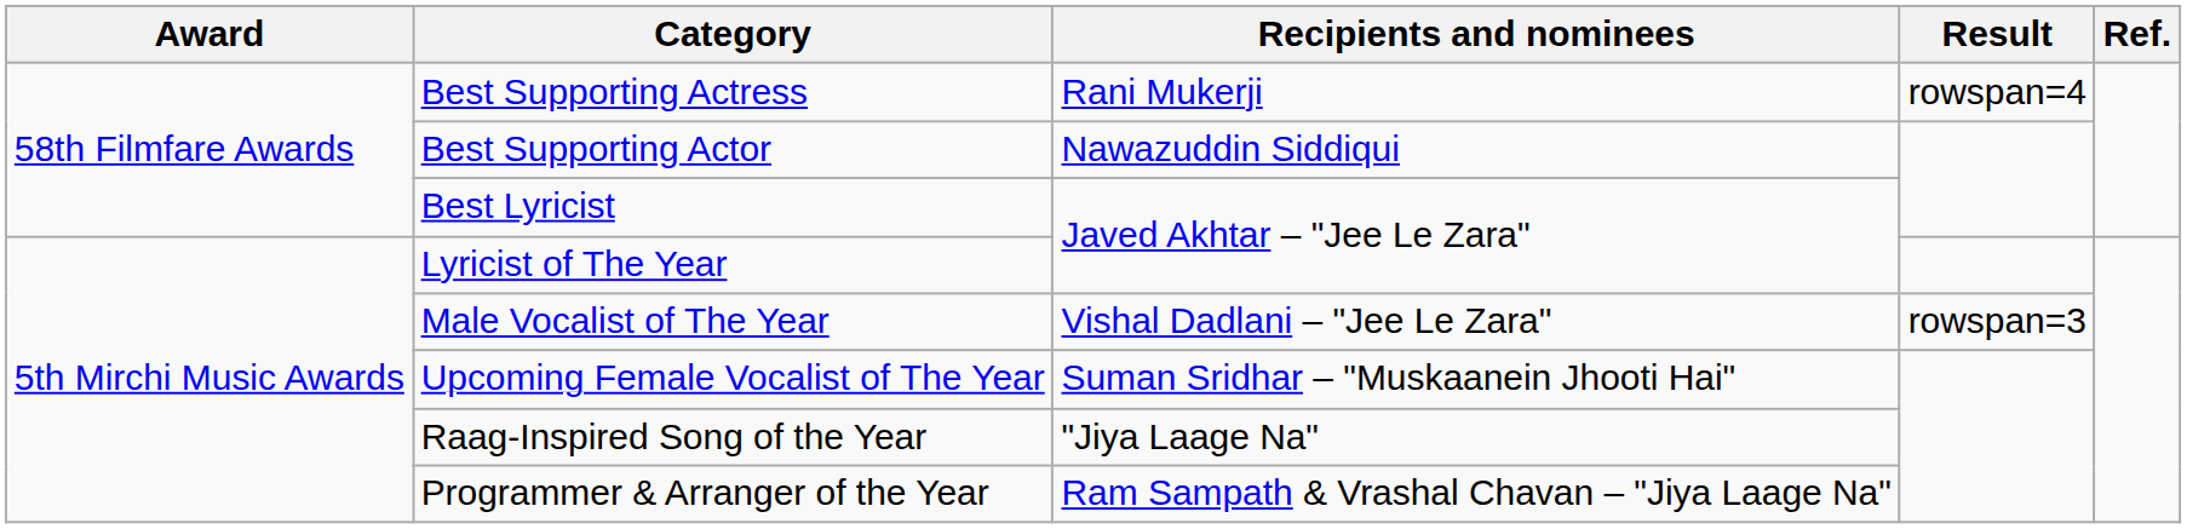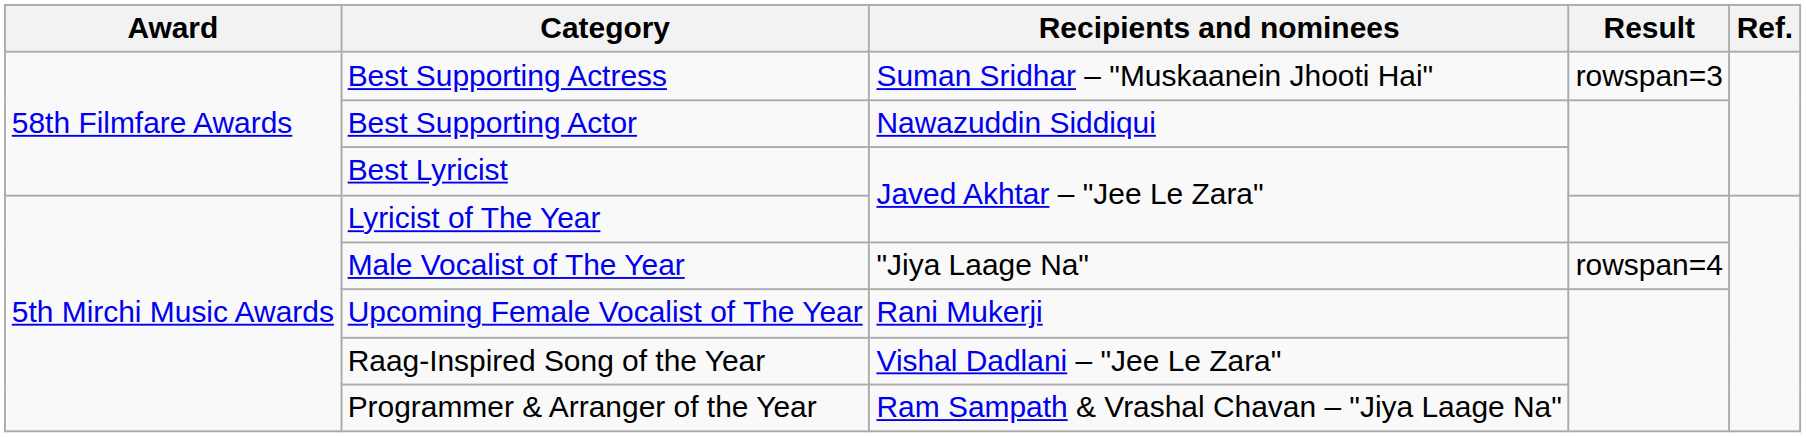 <table class="wikitable sortable">
 <tr>
 <th>Award</th>
 <th>Category</th>
 <th>Recipients and nominees</th>
 <th>Result</th>
 <th>Ref.</th>
 </tr>
 <tr>
 <td rowspan="3"><a href='#'>58th Filmfare Awards</a></td>
 <td><a href='#'>Best Supporting Actress</a></td>
-<td><a href='#'>Rani Mukerji</a></td>
-<td>rowspan=4 </td>
+<td><a href='#'>Suman Sridhar</a> – "Muskaanein Jhooti Hai"</td>
+<td>rowspan=3 </td>
 <td rowspan="3"></td>
 </tr>
 <tr>
 <td><a href='#'>Best Supporting Actor</a></td>
 <td><a href='#'>Nawazuddin Siddiqui</a></td>
 </tr>
 <tr>
 <td><a href='#'>Best Lyricist</a></td>
 <td rowspan="2"><a href='#'>Javed Akhtar</a> – "Jee Le Zara"</td>
 </tr>
 <tr>
 <td rowspan="5"><a href='#'>5th Mirchi Music Awards</a></td>
 <td><a href='#'>Lyricist of The Year</a></td>
 <td></td>
 <td rowspan="5"></td>
 </tr>
 <tr>
 <td><a href='#'>Male Vocalist of The Year</a></td>
-<td><a href='#'>Vishal Dadlani</a> – "Jee Le Zara"</td>
-<td>rowspan=3 </td>
+<td>"Jiya Laage Na"</td>
+<td>rowspan=4 </td>
 </tr>
 <tr>
 <td><a href='#'>Upcoming Female Vocalist of The Year</a></td>
-<td><a href='#'>Suman Sridhar</a> – "Muskaanein Jhooti Hai"</td>
+<td><a href='#'>Rani Mukerji</a></td>
 </tr>
 <tr>
 <td>Raag-Inspired Song of the Year</td>
-<td>"Jiya Laage Na"</td>
+<td><a href='#'>Vishal Dadlani</a> – "Jee Le Zara"</td>
 </tr>
 <tr>
 <td>Programmer & Arranger of the Year</td>
 <td><a href='#'>Ram Sampath</a> & Vrashal Chavan – "Jiya Laage Na"</td>
 </tr>
 </table>
